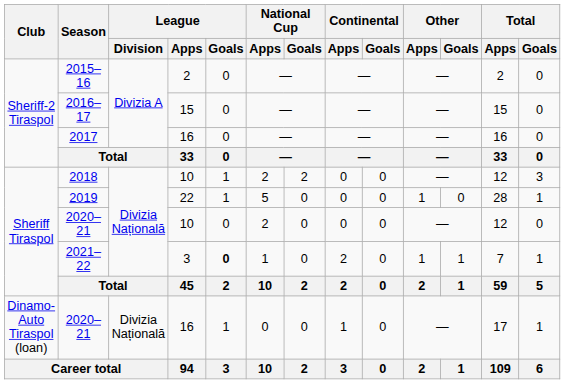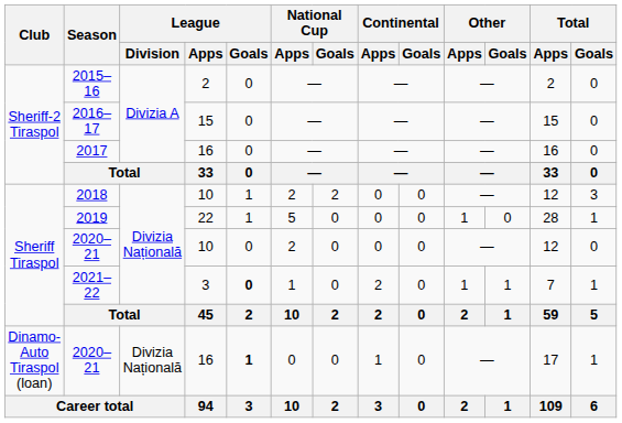 <table class="wikitable" style="text-align: center">
 <tr>
 <th rowspan="2">Club</th>
 <th rowspan="2">Season</th>
 <th colspan="3">League</th>
 <th colspan="2">National Cup</th>
 <th colspan="2">Continental</th>
 <th colspan="2">Other</th>
 <th colspan="2">Total</th>
 </tr>
 <tr>
 <th>Division</th>
 <th>Apps</th>
 <th>Goals</th>
 <th>Apps</th>
 <th>Goals</th>
 <th>Apps</th>
 <th>Goals</th>
 <th>Apps</th>
 <th>Goals</th>
 <th>Apps</th>
 <th>Goals</th>
 </tr>
 <tr>
 <td rowspan="4"><a href='#'>Sheriff-2 Tiraspol</a></td>
 <td><a href='#'>2015–16</a></td>
 <td rowspan="3"><a href='#'>Divizia A</a></td>
 <td>2</td>
 <td>0</td>
 <td colspan="2">—</td>
 <td colspan="2">—</td>
 <td colspan="2">—</td>
 <td>2</td>
 <td>0</td>
 </tr>
 <tr>
 <td><a href='#'>2016–17</a></td>
 <td>15</td>
 <td>0</td>
 <td colspan="2">—</td>
 <td colspan="2">—</td>
 <td colspan="2">—</td>
 <td>15</td>
 <td>0</td>
 </tr>
 <tr>
 <td><a href='#'>2017</a></td>
 <td>16</td>
 <td>0</td>
 <td colspan="2">—</td>
 <td colspan="2">—</td>
 <td colspan="2">—</td>
 <td>16</td>
 <td>0</td>
 </tr>
 <tr>
 <th colspan="2">Total</th>
 <th>33</th>
 <th>0</th>
 <th colspan="2">—</th>
 <th colspan="2">—</th>
 <th colspan="2">—</th>
 <th>33</th>
 <th>0</th>
 </tr>
 <tr>
 <td rowspan="5"><a href='#'>Sheriff Tiraspol</a></td>
 <td><a href='#'>2018</a></td>
 <td rowspan="4"><a href='#'>Divizia Națională</a></td>
 <td>10</td>
 <td>1</td>
 <td>2</td>
 <td>2</td>
 <td>0</td>
 <td>0</td>
 <td colspan="2">—</td>
 <td>12</td>
 <td>3</td>
 </tr>
 <tr>
 <td><a href='#'>2019</a></td>
 <td>22</td>
 <td>1</td>
 <td>5</td>
 <td>0</td>
 <td>0</td>
 <td>0</td>
 <td>1</td>
 <td>0</td>
 <td>28</td>
 <td>1</td>
 </tr>
 <tr>
 <td><a href='#'>2020–21</a></td>
 <td>10</td>
 <td>0</td>
 <td>2</td>
 <td>0</td>
 <td>0</td>
 <td>0</td>
 <td colspan="2">—</td>
 <td>12</td>
 <td>0</td>
 </tr>
 <tr>
 <td><a href='#'>2021–22</a></td>
 <td>3</td>
 <td><strong>0</strong></td>
 <td>1</td>
 <td>0</td>
 <td>2</td>
 <td>0</td>
 <td>1</td>
 <td>1</td>
 <td>7</td>
 <td>1</td>
 </tr>
 <tr>
 <th colspan="2">Total</th>
 <th>45</th>
 <th>2</th>
 <th>10</th>
 <th>2</th>
 <th>2</th>
 <th>0</th>
 <th>2</th>
 <th>1</th>
 <th>59</th>
 <th>5</th>
 </tr>
 <tr>
 <td><a href='#'>Dinamo-Auto Tiraspol</a> (loan)</td>
 <td><a href='#'>2020–21</a></td>
 <td>Divizia Națională</td>
 <td>16</td>
-<td>1</td>
+<td><strong>1</strong></td>
 <td>0</td>
 <td>0</td>
 <td>1</td>
 <td>0</td>
 <td colspan="2">—</td>
 <td>17</td>
 <td>1</td>
 </tr>
 <tr>
 <th colspan="3">Career total</th>
 <th>94</th>
 <th>3</th>
 <th>10</th>
 <th>2</th>
 <th>3</th>
 <th>0</th>
 <th>2</th>
 <th>1</th>
 <th>109</th>
 <th>6</th>
 </tr>
 </table>
